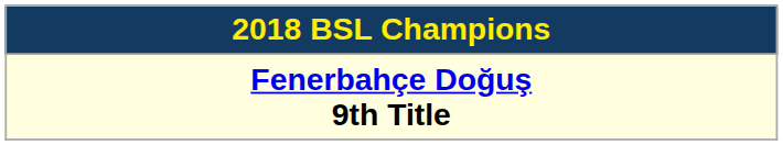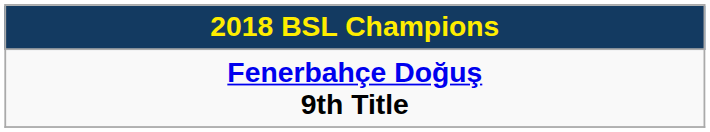 <table class="wikitable" style="margin: 0 auto; width: 20%;">
 <tr>
 <th style="background:#133A61 ; color:#FFED00">2018 BSL Champions</th>
 </tr>
 <tr>
-<td align=center style="background: lightyellow;"><strong><a href='#'>Fenerbahçe Doğuş</a></strong><br><strong>9th Title</strong> <br></td>
+<td align=center><strong><a href='#'>Fenerbahçe Doğuş</a></strong><br><strong>9th Title</strong> <br></td>
 </tr>
 </table>
